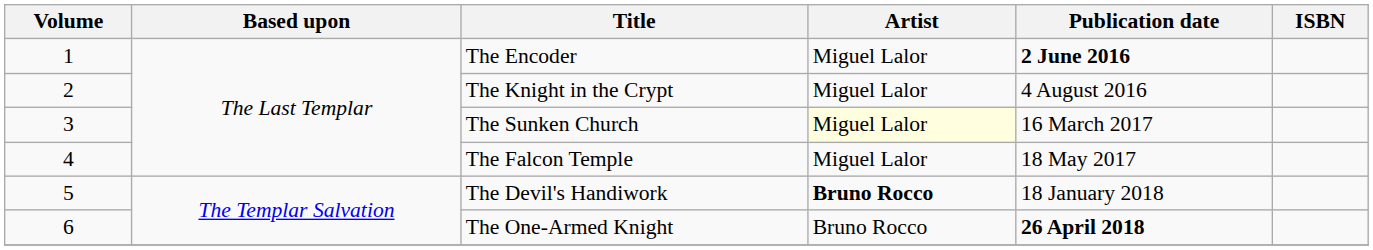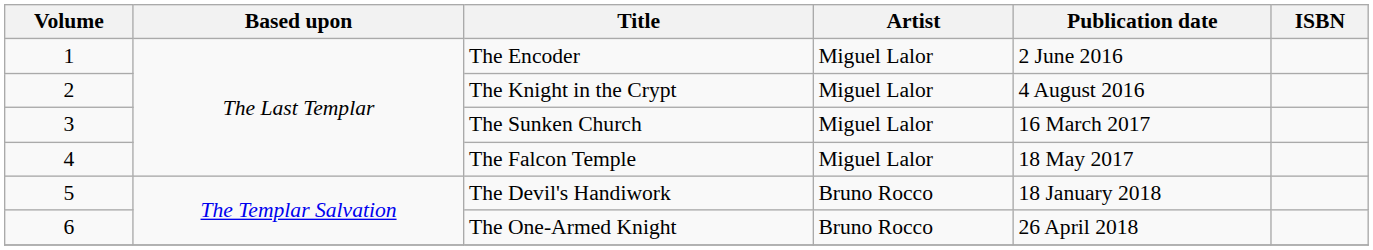 <table class="wikitable" style="text-align: center; min-width: 80%">
 <tr>
 <th>Volume</th>
 <th>Based upon</th>
 <th>Title</th>
 <th>Artist</th>
 <th>Publication date</th>
 <th>ISBN</th>
 </tr>
 <tr>
 <td>1</td>
 <td rowspan="4"><em>The Last Templar</em></td>
 <td style="text-align: left;">The Encoder</td>
 <td style="text-align: left;">Miguel Lalor</td>
-<td style="text-align: left;"><strong>2 June 2016</strong></td>
+<td style="text-align: left;">2 June 2016</td>
 <td style="text-align: left;"></td>
 </tr>
 <tr>
 <td>2</td>
 <td style="text-align: left;">The Knight in the Crypt</td>
 <td style="text-align: left;">Miguel Lalor</td>
 <td style="text-align: left;">4 August 2016</td>
 <td style="text-align: left;"></td>
 </tr>
 <tr>
 <td>3</td>
 <td style="text-align: left;">The Sunken Church</td>
-<td style="background: lightyellow; text-align: left;">Miguel Lalor</td>
+<td style="text-align: left;">Miguel Lalor</td>
 <td style="text-align: left;">16 March 2017</td>
 <td style="text-align: left;"></td>
 </tr>
 <tr>
 <td>4</td>
 <td style="text-align: left;">The Falcon Temple</td>
 <td style="text-align: left;">Miguel Lalor</td>
 <td style="text-align: left;">18 May 2017</td>
 <td style="text-align: left;"></td>
 </tr>
 <tr>
 <td>5</td>
 <td rowspan="2"><em><a href='#'>The Templar Salvation</a></em></td>
 <td style="text-align: left;">The Devil's Handiwork</td>
-<td style="text-align: left;"><strong>Bruno Rocco</strong></td>
+<td style="text-align: left;">Bruno Rocco</td>
 <td style="text-align: left;">18 January 2018</td>
 <td style="text-align: left;"></td>
 </tr>
 <tr>
 <td>6</td>
 <td style="text-align: left;">The One-Armed Knight</td>
 <td style="text-align: left;">Bruno Rocco</td>
-<td style="text-align: left;"><strong>26 April 2018</strong></td>
+<td style="text-align: left;">26 April 2018</td>
 <td style="text-align: left;"></td>
 </tr>
 <tr>
 </tr>
 </table>
